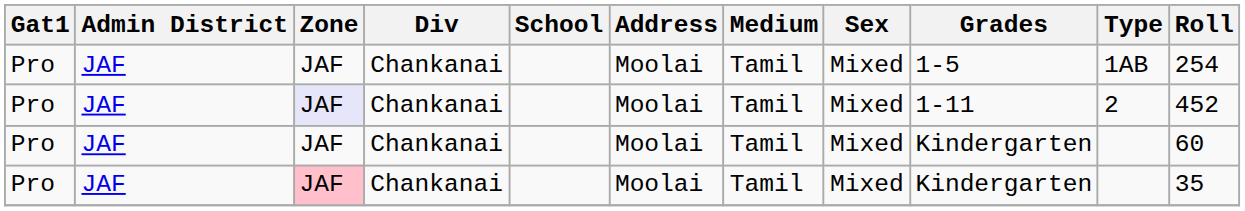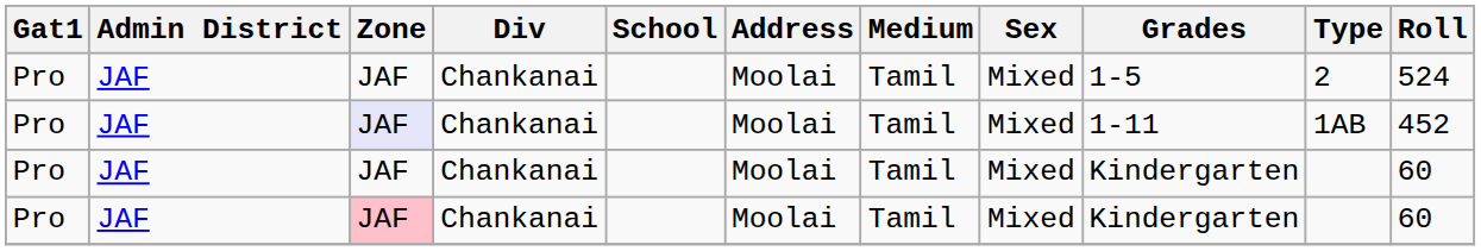 <table class="wikitable">
 <tr>
 <th>Gat1</th>
 <th>Admin District</th>
 <th>Zone</th>
 <th>Div</th>
 <th>School</th>
 <th>Address</th>
 <th>Medium</th>
 <th>Sex</th>
 <th>Grades</th>
 <th>Type</th>
 <th>Roll</th>
 </tr>
 <tr>
 <td>Pro</td>
 <td><a href='#'>JAF</a></td>
 <td>JAF</td>
 <td>Chankanai</td>
 <td></td>
 <td>Moolai</td>
 <td>Tamil</td>
 <td>Mixed</td>
 <td>1-5</td>
-<td>1AB</td>
-<td>254</td>
+<td>2</td>
+<td>524</td>
 </tr>
 <tr>
 <td>Pro</td>
 <td><a href='#'>JAF</a></td>
 <td style="background: lavender;">JAF</td>
 <td>Chankanai</td>
 <td></td>
 <td>Moolai</td>
 <td>Tamil</td>
 <td>Mixed</td>
 <td>1-11</td>
-<td>2</td>
+<td>1AB</td>
 <td>452</td>
 </tr>
 <tr>
 <td>Pro</td>
 <td><a href='#'>JAF</a></td>
 <td>JAF</td>
 <td>Chankanai</td>
 <td></td>
 <td>Moolai</td>
 <td>Tamil</td>
 <td>Mixed</td>
 <td>Kindergarten</td>
 <td></td>
 <td>60</td>
 </tr>
 <tr>
 <td>Pro</td>
 <td><a href='#'>JAF</a></td>
 <td style="background: pink;">JAF</td>
 <td>Chankanai</td>
 <td></td>
 <td>Moolai</td>
 <td>Tamil</td>
 <td>Mixed</td>
 <td>Kindergarten</td>
 <td></td>
-<td>35</td>
+<td>60</td>
 </tr>
 <tr>
 </tr>
 </table>
